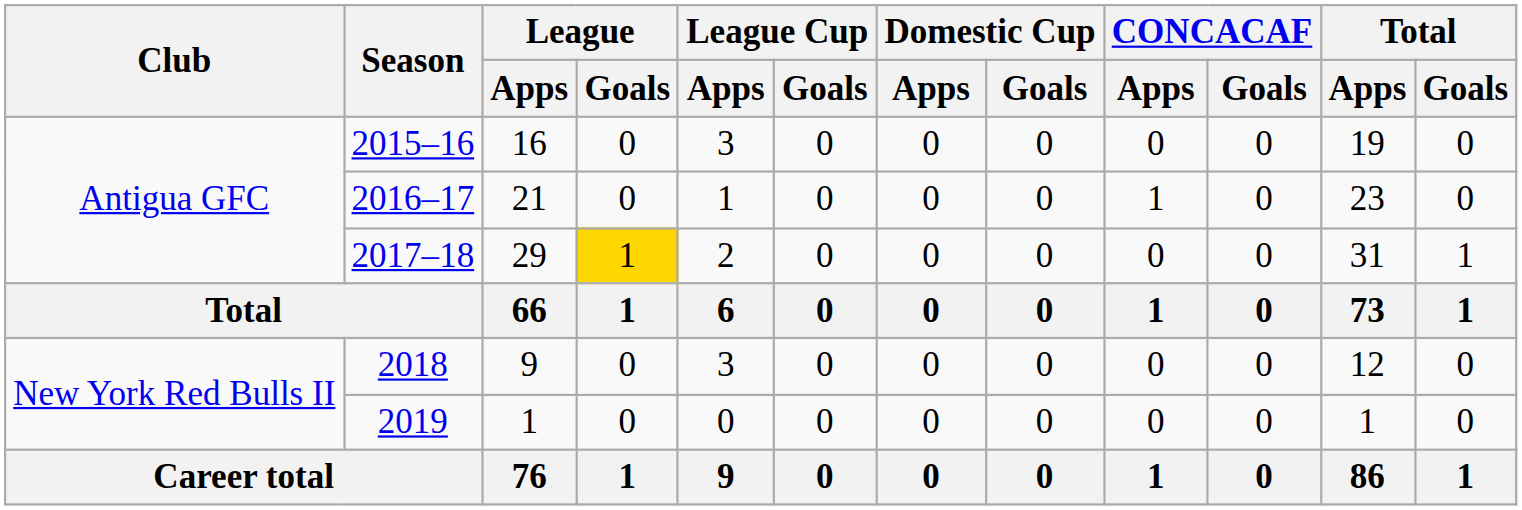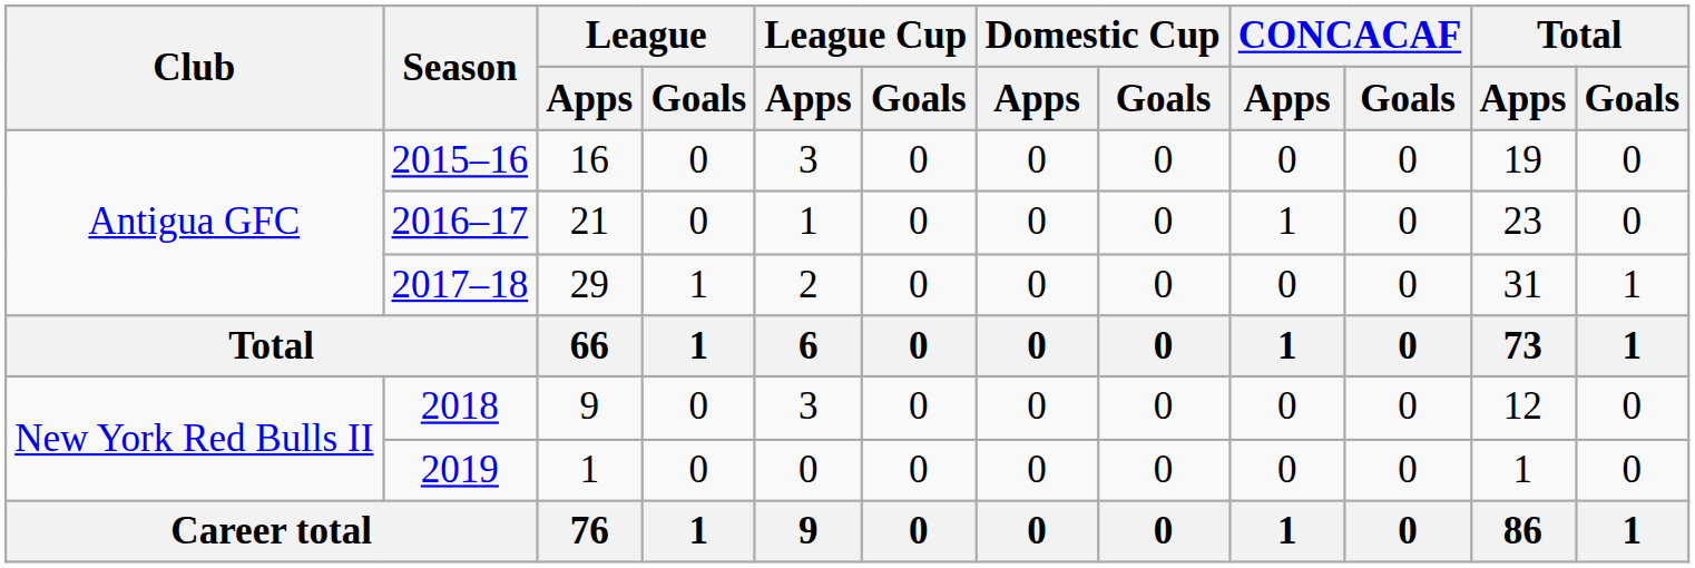 <table class="wikitable" style="text-align: center;">
 <tr>
 <th rowspan="2">Club</th>
 <th rowspan="2">Season</th>
 <th colspan="2">League</th>
 <th colspan="2">League Cup</th>
 <th colspan="2">Domestic Cup</th>
 <th colspan="2"><a href='#'>CONCACAF</a></th>
 <th colspan="2">Total</th>
 </tr>
 <tr>
 <th>Apps</th>
 <th>Goals</th>
 <th>Apps</th>
 <th>Goals</th>
 <th>Apps</th>
 <th>Goals</th>
 <th>Apps</th>
 <th>Goals</th>
 <th>Apps</th>
 <th>Goals</th>
 </tr>
 <tr>
 <td rowspan="3"><a href='#'>Antigua GFC</a></td>
 <td><a href='#'>2015–16</a></td>
 <td>16</td>
 <td>0</td>
 <td>3</td>
 <td>0</td>
 <td>0</td>
 <td>0</td>
 <td>0</td>
 <td>0</td>
 <td>19</td>
 <td>0</td>
 </tr>
 <tr>
 <td><a href='#'>2016–17</a></td>
 <td>21</td>
 <td>0</td>
 <td>1</td>
 <td>0</td>
 <td>0</td>
 <td>0</td>
 <td>1</td>
 <td>0</td>
 <td>23</td>
 <td>0</td>
 </tr>
 <tr>
 <td><a href='#'>2017–18</a></td>
 <td>29</td>
-<td style="background: gold;">1</td>
+<td>1</td>
 <td>2</td>
 <td>0</td>
 <td>0</td>
 <td>0</td>
 <td>0</td>
 <td>0</td>
 <td>31</td>
 <td>1</td>
 </tr>
 <tr>
 <th colspan="2">Total</th>
 <th>66</th>
 <th>1</th>
 <th>6</th>
 <th>0</th>
 <th>0</th>
 <th>0</th>
 <th>1</th>
 <th>0</th>
 <th>73</th>
 <th>1</th>
 </tr>
 <tr>
 <td rowspan="2"><a href='#'>New York Red Bulls II</a></td>
 <td colspan="1"><a href='#'>2018</a></td>
 <td>9</td>
 <td>0</td>
 <td>3</td>
 <td>0</td>
 <td>0</td>
 <td>0</td>
 <td>0</td>
 <td>0</td>
 <td>12</td>
 <td>0</td>
 </tr>
 <tr>
 <td colspan="1"><a href='#'>2019</a></td>
 <td>1</td>
 <td>0</td>
 <td>0</td>
 <td>0</td>
 <td>0</td>
 <td>0</td>
 <td>0</td>
 <td>0</td>
 <td>1</td>
 <td>0</td>
 </tr>
 <tr>
 <th colspan="2">Career total</th>
 <th>76</th>
 <th>1</th>
 <th>9</th>
 <th>0</th>
 <th>0</th>
 <th>0</th>
 <th>1</th>
 <th>0</th>
 <th>86</th>
 <th>1</th>
 </tr>
 </table>
